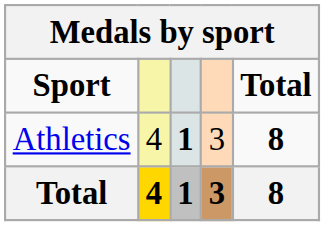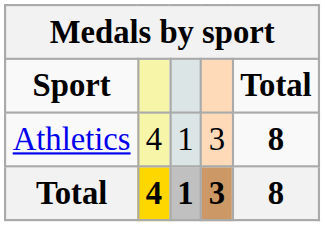 <table class=wikitable style="font-size:95%">
 <tr bgcolor=efefef>
 <th colspan=5><strong>Medals by sport</strong></th>
 </tr>
 <tr align=center>
 <td><strong>Sport</strong></td>
 <td style="background:#f7f6a8;"></td>
 <td style="background:#dce5e5;"></td>
 <td style="background:#ffdab9;"></td>
 <td><strong>Total</strong></td>
 </tr>
 <tr align=center>
 <td><a href='#'>Athletics</a></td>
 <td style="background:#F7F6A8;">4</td>
-<td style="background:#DCE5E5;"><strong>1</strong></td>
+<td style="background:#DCE5E5;">1</td>
 <td style="background:#FFDAB9;">3</td>
 <td><strong>8</strong></td>
 </tr>
 <tr align=center>
 <th><strong>Total</strong></th>
 <th style="background:gold;"><strong>4</strong></th>
 <th style="background:silver;"><strong>1</strong></th>
 <th style="background:#c96;"><strong>3</strong></th>
 <th><strong>8</strong></th>
 </tr>
 </table>
